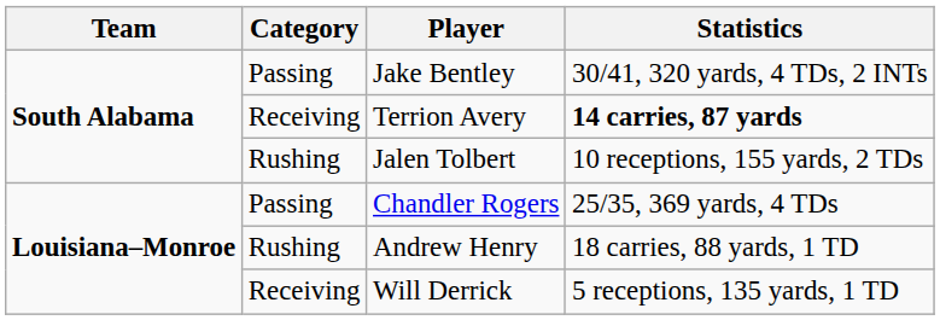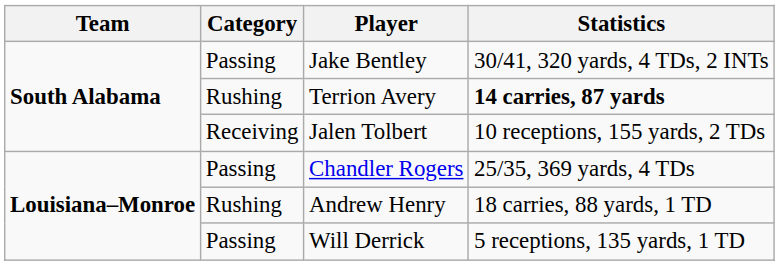 <table class="wikitable" style="float: left;">
 <tr>
 <th>Team</th>
 <th>Category</th>
 <th>Player</th>
 <th>Statistics</th>
 </tr>
 <tr>
 <td rowspan=3><strong>South Alabama</strong></td>
 <td>Passing</td>
 <td>Jake Bentley</td>
 <td>30/41, 320 yards, 4 TDs, 2 INTs</td>
 </tr>
 <tr>
-<td>Receiving</td>
+<td>Rushing</td>
 <td>Terrion Avery</td>
 <td><strong>14 carries, 87 yards</strong></td>
 </tr>
 <tr>
-<td>Rushing</td>
+<td>Receiving</td>
 <td>Jalen Tolbert</td>
 <td>10 receptions, 155 yards, 2 TDs</td>
 </tr>
 <tr>
 <td rowspan=3><strong>Louisiana–Monroe</strong></td>
 <td>Passing</td>
 <td><a href='#'>Chandler Rogers</a></td>
 <td>25/35, 369 yards, 4 TDs</td>
 </tr>
 <tr>
 <td>Rushing</td>
 <td>Andrew Henry</td>
 <td>18 carries, 88 yards, 1 TD</td>
 </tr>
 <tr>
-<td>Receiving</td>
+<td>Passing</td>
 <td>Will Derrick</td>
 <td>5 receptions, 135 yards, 1 TD</td>
 </tr>
 </table>
